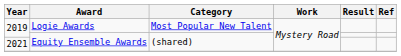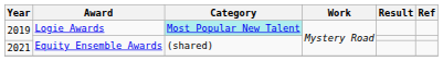 <table class="wikitable plainrowheaders">
 <tr>
 <th>Year</th>
 <th>Award</th>
 <th>Category</th>
 <th>Work</th>
 <th>Result</th>
 <th>Ref</th>
 </tr>
 <tr>
 <td rowspan="2">2019</td>
 <td><a href='#'>Logie Awards</a></td>
-<td><a href='#'>Most Popular New Talent</a></td>
+<td style="background: paleturquoise;"><a href='#'>Most Popular New Talent</a></td>
 <td rowspan="3"><em>Mystery Road</em></td>
 <td></td>
 <td></td>
 </tr>
 <tr>
 <td rowspan="2"><a href='#'>Equity Ensemble Awards</a></td>
 <td rowspan="2">(shared)</td>
 <td></td>
 <td></td>
 </tr>
 <tr>
 <td>2021</td>
 <td></td>
 <td></td>
 </tr>
 <tr>
 </tr>
 </table>
